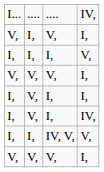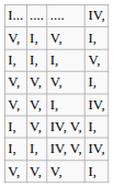 <table class="wikitable">
 <tr>
 <td>I...</td>
 <td>....</td>
 <td>....</td>
 <td>IV,</td>
 </tr>
 <tr>
 <td>V,</td>
 <td>I,</td>
 <td>V,</td>
 <td>I,</td>
 </tr>
 <tr>
 <td>I,</td>
 <td>I,</td>
 <td>I,</td>
 <td>V,</td>
 </tr>
 <tr>
 <td>V,</td>
 <td>V,</td>
 <td>V,</td>
 <td>I,</td>
 </tr>
 <tr>
-<td>I,</td>
 <td>V,</td>
-<td>I,</td>
-<td>I,</td>
-</tr>
-<tr>
-<td>I,</td>
 <td>V,</td>
 <td>I,</td>
 <td>IV,</td>
 </tr>
 <tr>
 <td>I,</td>
+<td>V,</td>
+<td>IV, V,</td>
+<td>I,</td>
+</tr>
+<tr>
+<td>I,</td>
 <td>I,</td>
 <td>IV, V,</td>
-<td>V,</td>
+<td>IV,</td>
 </tr>
 <tr>
 <td>V,</td>
 <td>V,</td>
 <td>V,</td>
 <td>I,</td>
 </tr>
 </table>
